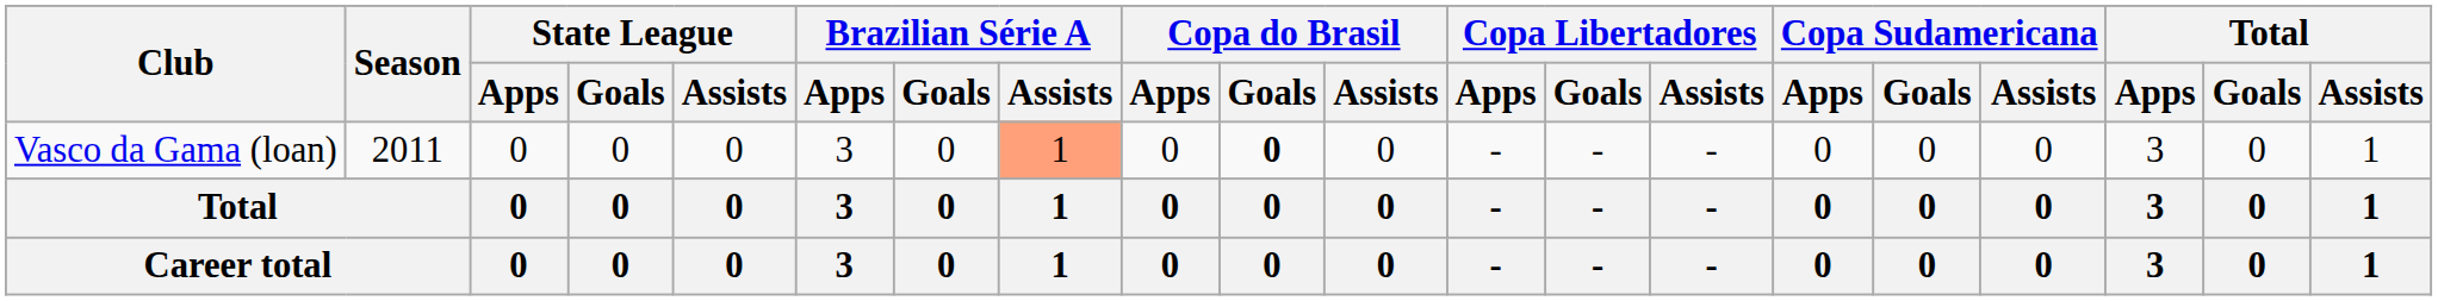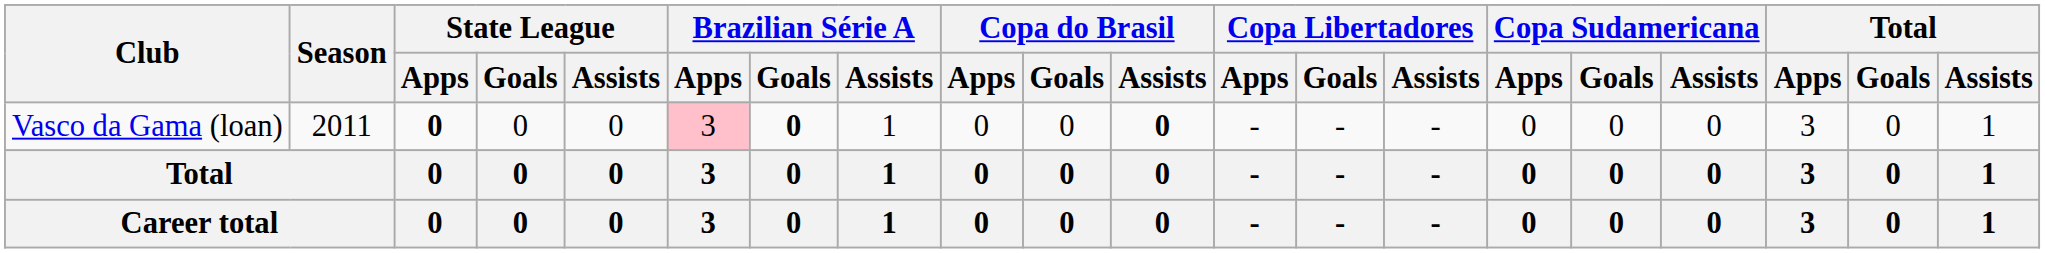 <table class="wikitable" style="text-align: center;">
 <tr>
 <th rowspan="2">Club</th>
 <th rowspan="2">Season</th>
 <th colspan="3">State League</th>
 <th colspan="3"><a href='#'>Brazilian Série A</a></th>
 <th colspan="3"><a href='#'>Copa do Brasil</a></th>
 <th colspan="3"><a href='#'>Copa Libertadores</a></th>
 <th colspan="3"><a href='#'>Copa Sudamericana</a></th>
 <th colspan="3">Total</th>
 </tr>
 <tr>
 <th>Apps</th>
 <th>Goals</th>
 <th>Assists</th>
 <th>Apps</th>
 <th>Goals</th>
 <th>Assists</th>
 <th>Apps</th>
 <th>Goals</th>
 <th>Assists</th>
 <th>Apps</th>
 <th>Goals</th>
 <th>Assists</th>
 <th>Apps</th>
 <th>Goals</th>
 <th>Assists</th>
 <th>Apps</th>
 <th>Goals</th>
 <th>Assists</th>
 </tr>
 <tr>
 <td rowspan="1" valign="top"><a href='#'>Vasco da Gama</a> (loan)</td>
 <td>2011</td>
+<td><strong>0</strong></td>
 <td>0</td>
 <td>0</td>
+<td style="background: pink;">3</td>
+<td><strong>0</strong></td>
+<td>1</td>
 <td>0</td>
-<td>3</td>
-<td>0</td>
-<td style="background: lightsalmon;">1</td>
 <td>0</td>
 <td><strong>0</strong></td>
-<td>0</td>
 <td>-</td>
 <td>-</td>
 <td>-</td>
 <td>0</td>
 <td>0</td>
 <td>0</td>
 <td>3</td>
 <td>0</td>
 <td>1</td>
 </tr>
 <tr>
 <th colspan="2"><strong>Total</strong></th>
 <th>0</th>
 <th>0</th>
 <th>0</th>
 <th>3</th>
 <th>0</th>
 <th>1</th>
 <th>0</th>
 <th>0</th>
 <th>0</th>
 <th>-</th>
 <th>-</th>
 <th>-</th>
 <th>0</th>
 <th>0</th>
 <th>0</th>
 <th>3</th>
 <th>0</th>
 <th>1</th>
 </tr>
 <tr>
 <th colspan="2"><strong>Career total</strong></th>
 <th>0</th>
 <th>0</th>
 <th>0</th>
 <th>3</th>
 <th>0</th>
 <th>1</th>
 <th>0</th>
 <th>0</th>
 <th>0</th>
 <th>-</th>
 <th>-</th>
 <th>-</th>
 <th>0</th>
 <th>0</th>
 <th>0</th>
 <th>3</th>
 <th>0</th>
 <th>1</th>
 </tr>
 </table>
